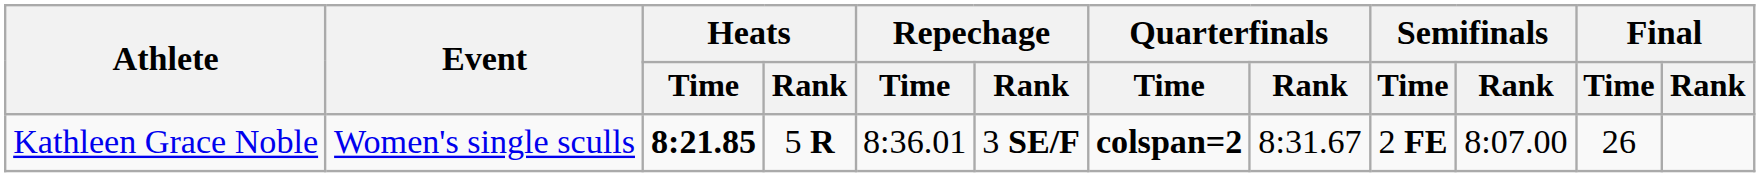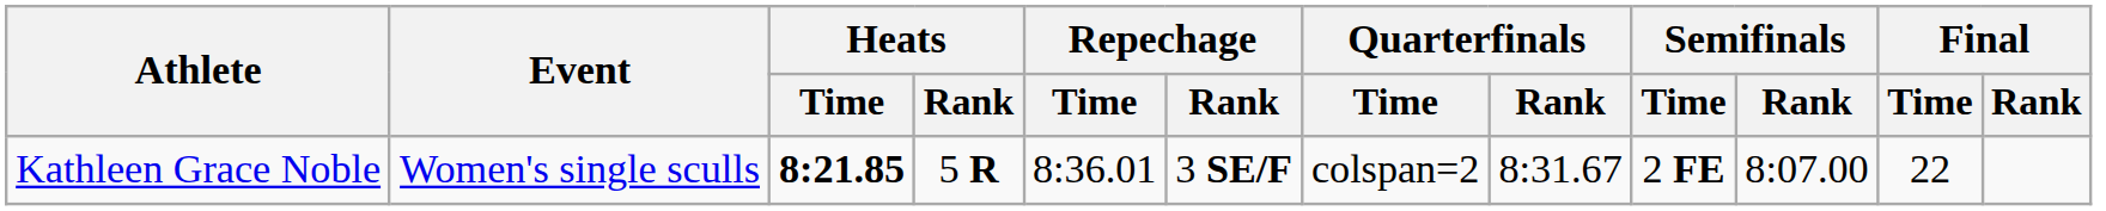 <table class="wikitable" style="font-size:90%">
 <tr>
 <th rowspan="2">Athlete</th>
 <th rowspan="2">Event</th>
 <th colspan="2">Heats</th>
 <th colspan="2">Repechage</th>
 <th colspan="2">Quarterfinals</th>
 <th colspan="2">Semifinals</th>
 <th colspan="2">Final</th>
 </tr>
 <tr style="font-size:95%">
 <th>Time</th>
 <th>Rank</th>
 <th>Time</th>
 <th>Rank</th>
 <th>Time</th>
 <th>Rank</th>
 <th>Time</th>
 <th>Rank</th>
 <th>Time</th>
 <th>Rank</th>
 </tr>
 <tr align=center>
 <td align=left><a href='#'>Kathleen Grace Noble</a></td>
 <td align=left><a href='#'>Women's single sculls</a></td>
 <td><strong>8:21.85</strong></td>
 <td>5 <strong>R</strong></td>
 <td>8:36.01</td>
 <td>3 <strong>SE/F</strong></td>
-<td><strong>colspan=2 </strong></td>
+<td>colspan=2 </td>
 <td>8:31.67</td>
 <td>2 <strong>FE</strong></td>
 <td>8:07.00</td>
-<td>26</td>
+<td>22</td>
 </tr>
 </table>
